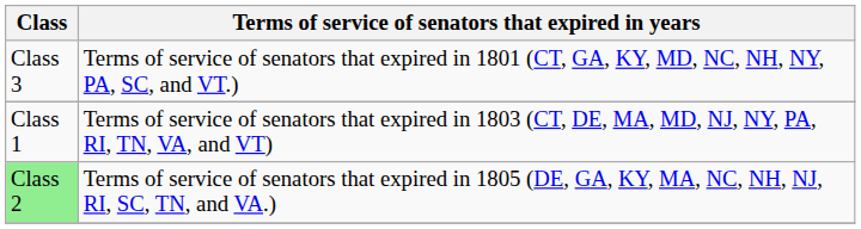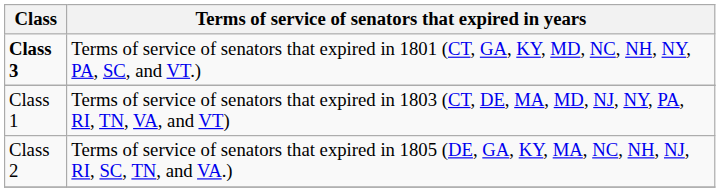 <table class="wikitable sortable">
 <tr valign=bottom>
 <th>Class</th>
 <th>Terms of service of senators that expired in years</th>
 </tr>
 <tr>
-<td>Class 3</td>
+<td><strong>Class 3</strong></td>
 <td>Terms of service of senators that expired in 1801 (<a href='#'>CT</a>, <a href='#'>GA</a>, <a href='#'>KY</a>, <a href='#'>MD</a>, <a href='#'>NC</a>, <a href='#'>NH</a>, <a href='#'>NY</a>, <a href='#'>PA</a>, <a href='#'>SC</a>, and <a href='#'>VT</a>.)</td>
 </tr>
 <tr>
 </tr>
 <tr>
 <td>Class 1</td>
 <td>Terms of service of senators that expired in 1803 (<a href='#'>CT</a>, <a href='#'>DE</a>, <a href='#'>MA</a>, <a href='#'>MD</a>, <a href='#'>NJ</a>, <a href='#'>NY</a>, <a href='#'>PA</a>, <a href='#'>RI</a>, <a href='#'>TN</a>, <a href='#'>VA</a>, and <a href='#'>VT</a>)</td>
 </tr>
 <tr>
-<td style="background: lightgreen;">Class 2</td>
+<td>Class 2</td>
 <td>Terms of service of senators that expired in 1805 (<a href='#'>DE</a>, <a href='#'>GA</a>, <a href='#'>KY</a>, <a href='#'>MA</a>, <a href='#'>NC</a>, <a href='#'>NH</a>, <a href='#'>NJ</a>, <a href='#'>RI</a>, <a href='#'>SC</a>, <a href='#'>TN</a>, and <a href='#'>VA</a>.)</td>
 </tr>
 <tr>
 </tr>
 </table>
